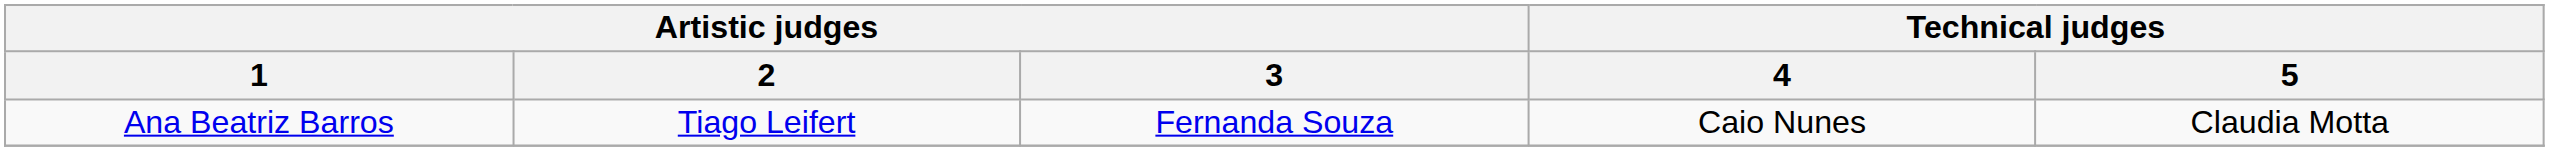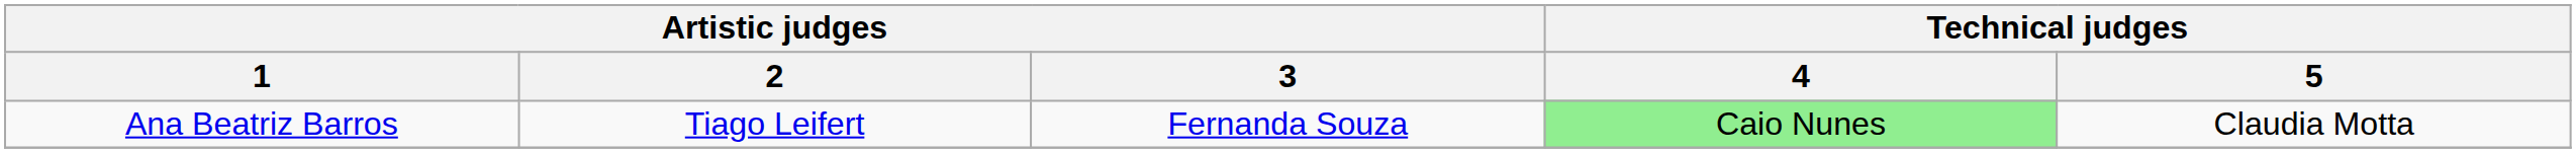 <table class="wikitable" style="font-size:100%; line-height:16px; text-align:center" width="100%">
 <tr>
 <th colspan=3>Artistic judges</th>
 <th colspan=2>Technical judges</th>
 </tr>
 <tr>
 <th width="20.0%">1</th>
 <th width="20.0%">2</th>
 <th width="20.0%">3</th>
 <th width="20.0%">4</th>
 <th width="20.0%">5</th>
 </tr>
 <tr>
 <td><a href='#'>Ana Beatriz Barros</a></td>
 <td><a href='#'>Tiago Leifert</a></td>
 <td><a href='#'>Fernanda Souza</a></td>
-<td>Caio Nunes</td>
+<td style="background: lightgreen;">Caio Nunes</td>
 <td>Claudia Motta</td>
 </tr>
 <tr>
 </tr>
 </table>
